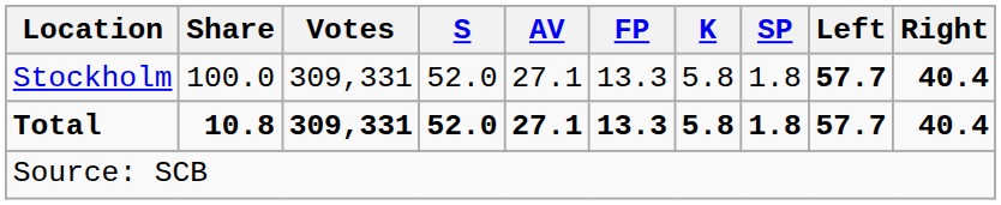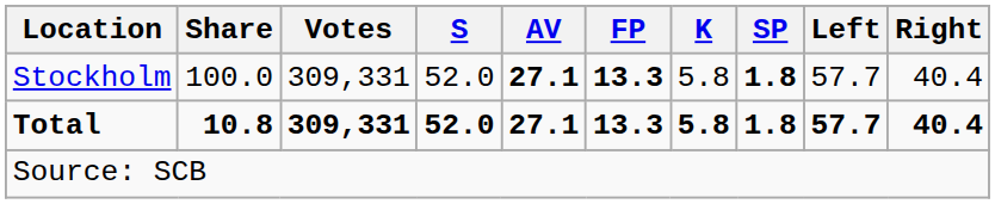 <table class="wikitable sortable" style=text-align:right>
 <tr>
 <th>Location</th>
 <th>Share</th>
 <th>Votes</th>
 <th><a href='#'>S</a></th>
 <th><a href='#'>AV</a></th>
 <th><a href='#'>FP</a></th>
 <th><a href='#'>K</a></th>
 <th><a href='#'>SP</a></th>
 <th>Left</th>
 <th>Right</th>
 </tr>
 <tr>
 <td align=left><a href='#'>Stockholm</a></td>
 <td>100.0</td>
 <td>309,331</td>
 <td>52.0</td>
-<td>27.1</td>
-<td>13.3</td>
+<td><strong>27.1</strong></td>
+<td><strong>13.3</strong></td>
 <td>5.8</td>
-<td>1.8</td>
-<td><strong>57.7</strong></td>
-<td><strong>40.4</strong></td>
+<td><strong>1.8</strong></td>
+<td>57.7</td>
+<td>40.4</td>
 </tr>
 <tr>
 <td align=left><strong>Total</strong></td>
 <td><strong>10.8</strong></td>
 <td><strong>309,331</strong></td>
 <td><strong>52.0</strong></td>
 <td><strong>27.1</strong></td>
 <td><strong>13.3</strong></td>
 <td><strong>5.8</strong></td>
 <td><strong>1.8</strong></td>
 <td><strong>57.7</strong></td>
 <td><strong>40.4</strong></td>
 </tr>
 <tr>
 <td align=left colspan=10>Source: SCB </td>
 </tr>
 </table>
